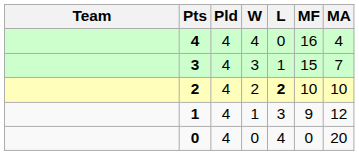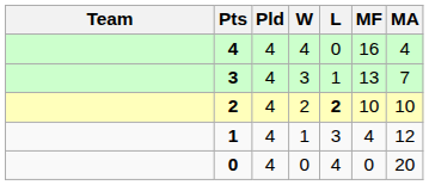 <table class=wikitable style="text-align:center">
 <tr>
 <th width=175>Team</th>
 <th width=20>Pts</th>
 <th width=20>Pld</th>
 <th width=20>W</th>
 <th width=20>L</th>
 <th width=20>MF</th>
 <th width=20>MA</th>
 </tr>
 <tr bgcolor=#ccffcc>
 <td style="text-align:left"></td>
 <td><strong>4</strong></td>
 <td>4</td>
 <td>4</td>
 <td>0</td>
 <td>16</td>
 <td>4</td>
 </tr>
 <tr bgcolor=#ccffcc>
 <td style="text-align:left"></td>
 <td><strong>3</strong></td>
 <td>4</td>
 <td>3</td>
 <td>1</td>
-<td>15</td>
+<td>13</td>
 <td>7</td>
 </tr>
 <tr bgcolor=#ffffbb>
 <td style="text-align:left"></td>
 <td><strong>2</strong></td>
 <td>4</td>
 <td>2</td>
 <td><strong>2</strong></td>
 <td>10</td>
 <td>10</td>
 </tr>
 <tr>
 <td style="text-align:left"></td>
 <td><strong>1</strong></td>
 <td>4</td>
 <td>1</td>
 <td>3</td>
-<td>9</td>
+<td>4</td>
 <td>12</td>
 </tr>
 <tr>
 <td style="text-align:left"></td>
 <td><strong>0</strong></td>
 <td>4</td>
 <td>0</td>
 <td>4</td>
 <td>0</td>
 <td>20</td>
 </tr>
 </table>
